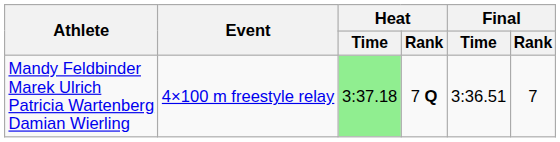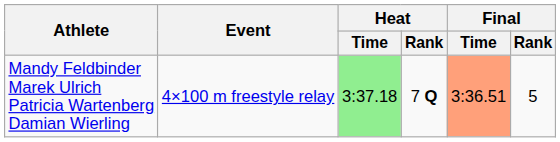 <table class=wikitable style="font-size:90%">
 <tr>
 <th rowspan=2>Athlete</th>
 <th rowspan=2>Event</th>
 <th colspan="2">Heat</th>
 <th colspan="2">Final</th>
 </tr>
 <tr style="font-size:95%">
 <th>Time</th>
 <th>Rank</th>
 <th>Time</th>
 <th>Rank</th>
 </tr>
 <tr align=center>
 <td align=left><a href='#'>Mandy Feldbinder</a><br><a href='#'>Marek Ulrich</a><br><a href='#'>Patricia Wartenberg</a><br><a href='#'>Damian Wierling</a></td>
 <td align=left><a href='#'>4×100 m freestyle relay</a></td>
 <td style="background: lightgreen;">3:37.18</td>
 <td>7 <strong>Q</strong></td>
-<td>3:36.51</td>
-<td>7</td>
+<td style="background: lightsalmon;">3:36.51</td>
+<td>5</td>
 </tr>
 </table>
